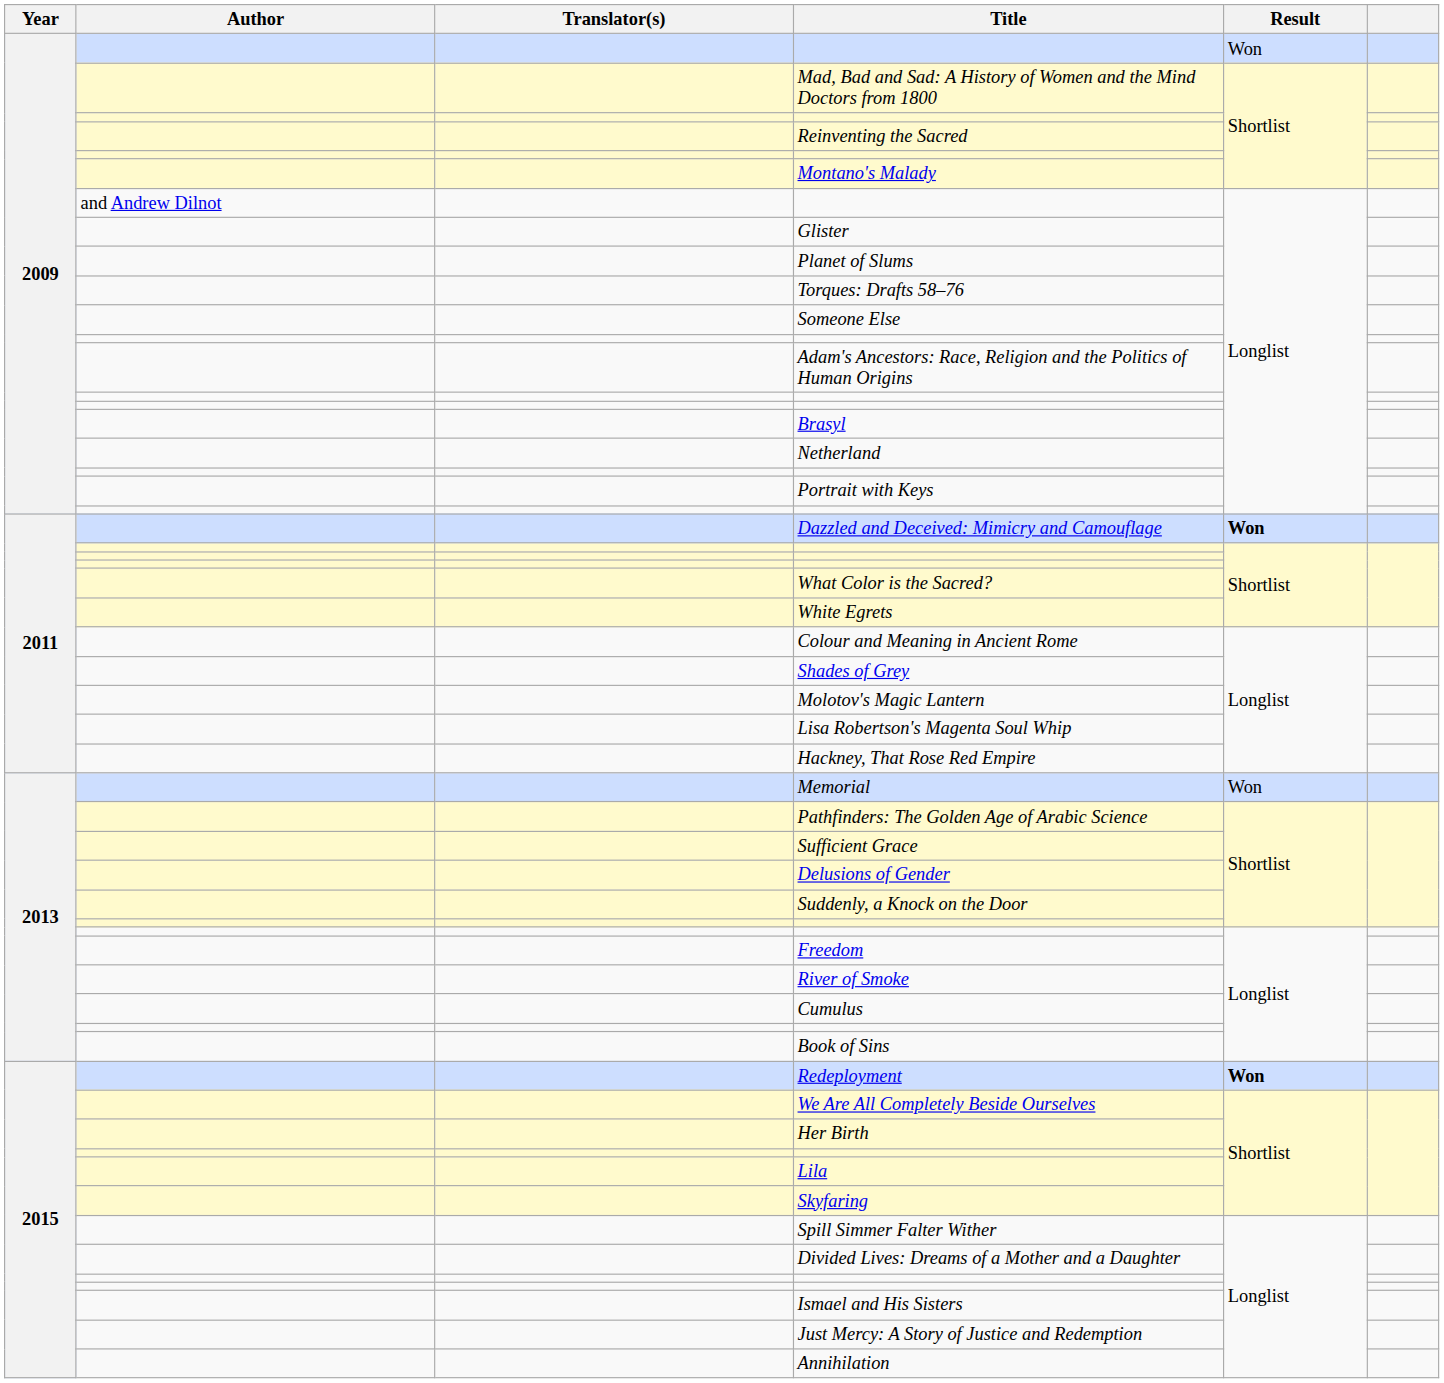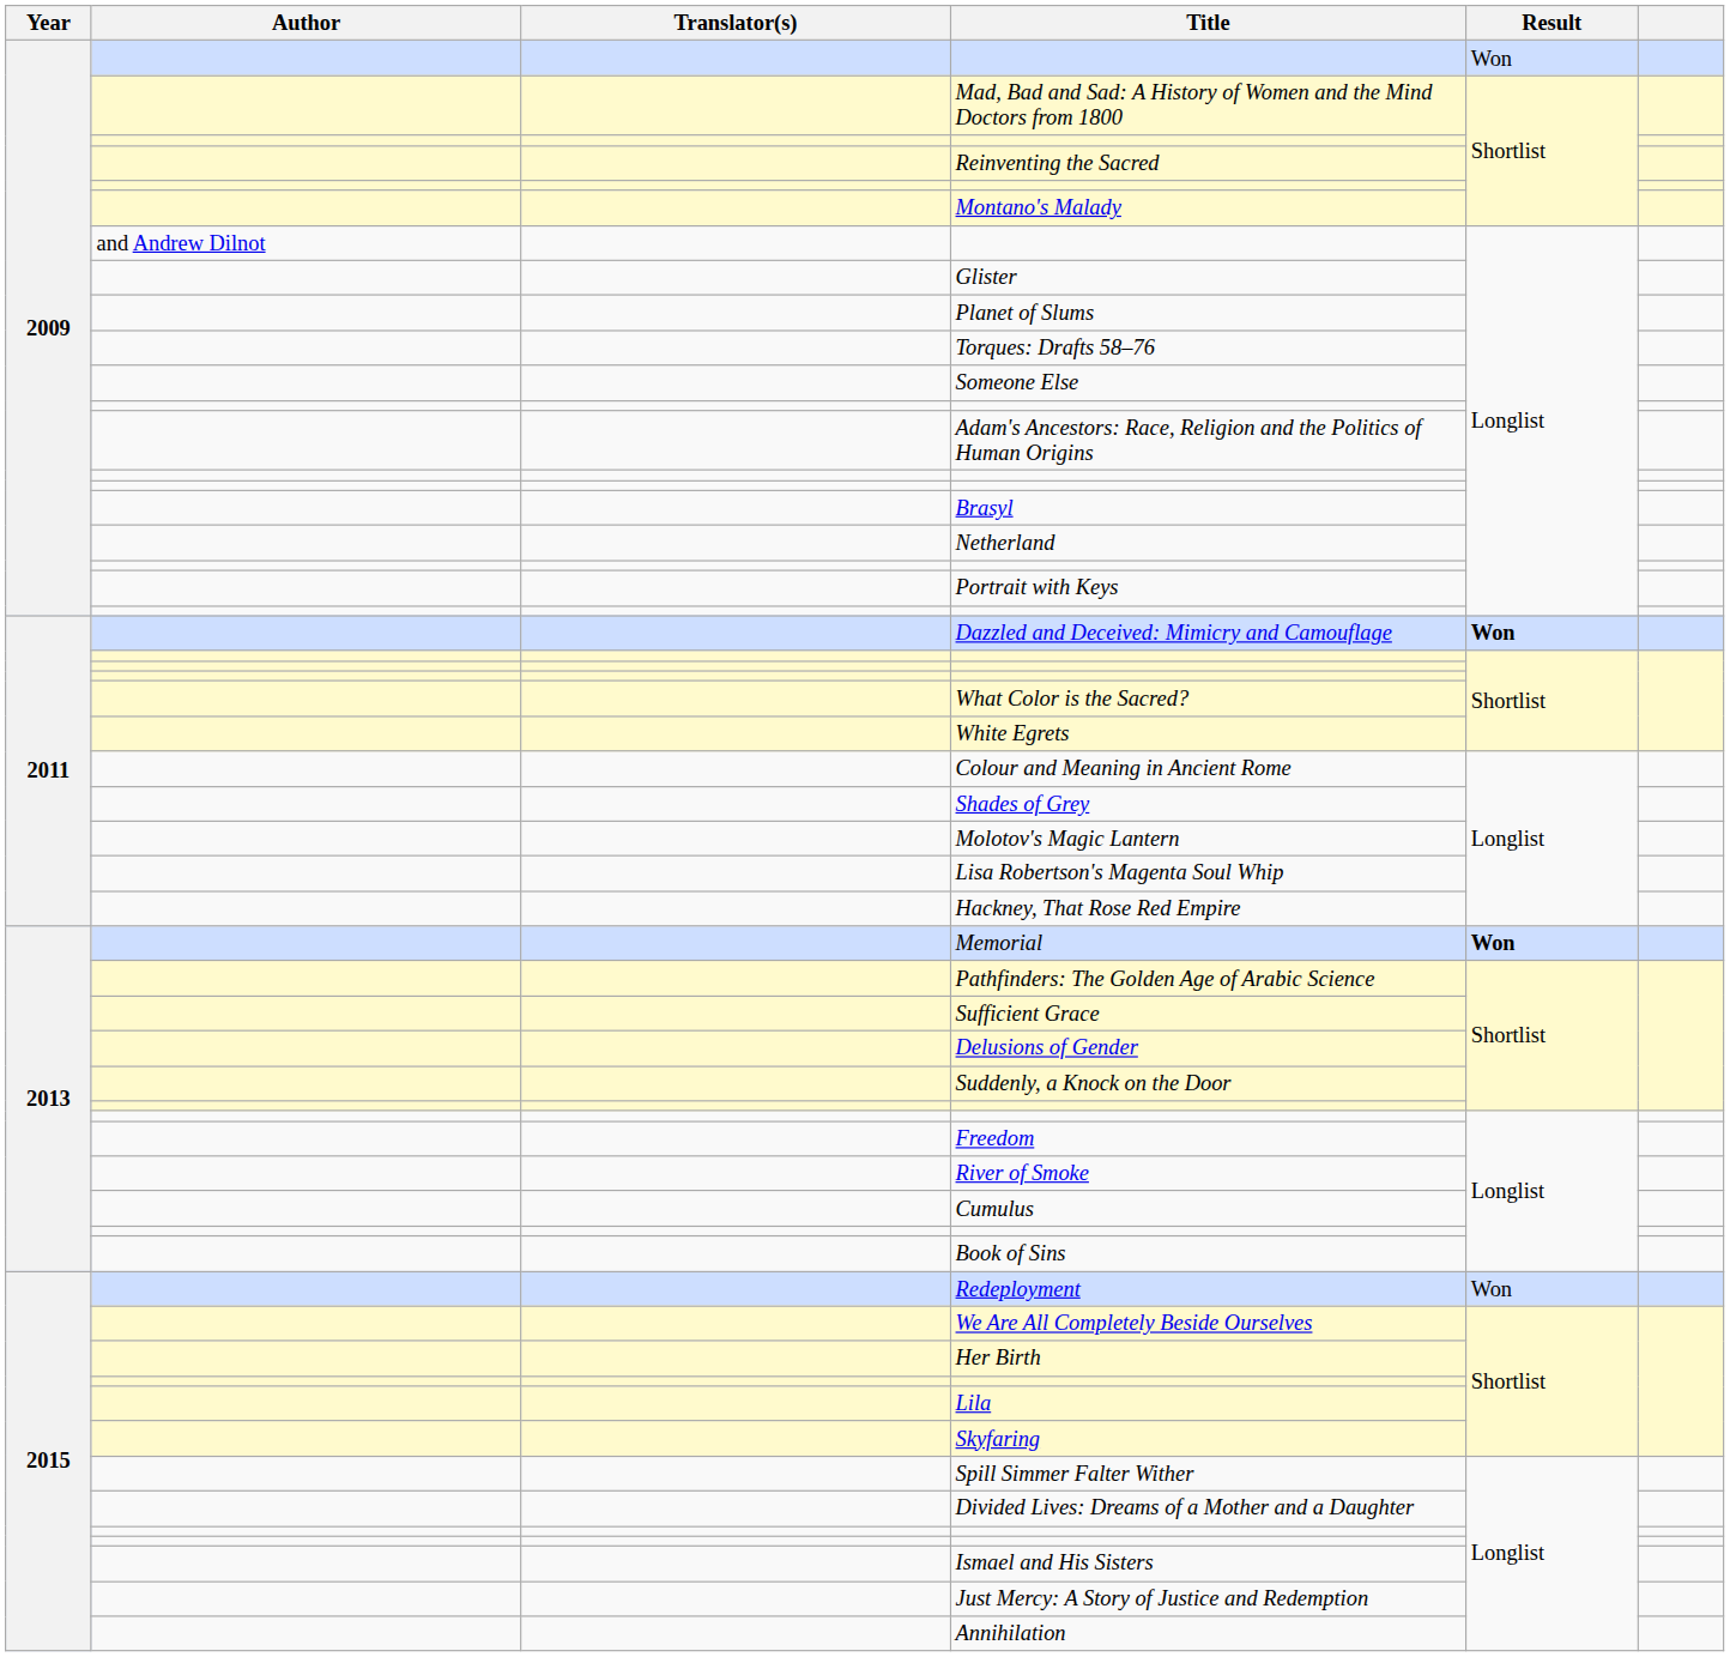 <table class="wikitable sortable" border="1">
 <tr>
 <th scope="col" style=width:5%>Year</th>
 <th scope="col" style=width:25%>Author</th>
 <th scope="col" style=width:25%>Translator(s)</th>
 <th scope="col" style=width:30%>Title</th>
 <th scope="col" style=width:10%>Result</th>
 <th scope="col" style=width:5%></th>
 </tr>
 <tr style="background:#cddeff">
 <th rowspan="20">2009</th>
 <td></td>
 <td></td>
 <td><em></em></td>
 <td>Won</td>
 <td></td>
 </tr>
 <tr style=background:LemonChiffon; color:black>
 <td></td>
 <td></td>
 <td><em>Mad, Bad and Sad: A History of Women and the Mind Doctors from 1800</em></td>
 <td rowspan="5">Shortlist</td>
 <td></td>
 </tr>
 <tr style=background:LemonChiffon; color:black>
 <td></td>
 <td></td>
 <td></td>
 <td></td>
 </tr>
 <tr style=background:LemonChiffon; color:black>
 <td></td>
 <td></td>
 <td><em>Reinventing the Sacred</em></td>
 <td></td>
 </tr>
 <tr style=background:LemonChiffon; color:black>
 <td></td>
 <td></td>
 <td><em></em></td>
 <td></td>
 </tr>
 <tr style=background:LemonChiffon; color:black>
 <td></td>
 <td></td>
 <td><em><a href='#'>Montano's Malady</a></em></td>
 <td></td>
 </tr>
 <tr>
 <td> and <a href='#'>Andrew Dilnot</a></td>
 <td></td>
 <td><em></em></td>
 <td rowspan="14">Longlist</td>
 <td></td>
 </tr>
 <tr>
 <td></td>
 <td></td>
 <td><em>Glister</em></td>
 <td></td>
 </tr>
 <tr>
 <td></td>
 <td></td>
 <td><em>Planet of Slums</em></td>
 <td></td>
 </tr>
 <tr>
 <td></td>
 <td></td>
 <td><em>Torques: Drafts 58–76</em></td>
 <td></td>
 </tr>
 <tr>
 <td></td>
 <td></td>
 <td><em>Someone Else</em></td>
 <td></td>
 </tr>
 <tr>
 <td></td>
 <td></td>
 <td><em></em></td>
 <td></td>
 </tr>
 <tr>
 <td></td>
 <td></td>
 <td><em>Adam's Ancestors: Race, Religion and the Politics of Human Origins</em></td>
 <td></td>
 </tr>
 <tr>
 <td></td>
 <td></td>
 <td><em></em></td>
 <td></td>
 </tr>
 <tr>
 <td></td>
 <td></td>
 <td><em></em></td>
 <td></td>
 </tr>
 <tr>
 <td></td>
 <td></td>
 <td><em><a href='#'>Brasyl</a></em></td>
 <td></td>
 </tr>
 <tr>
 <td></td>
 <td></td>
 <td><em>Netherland</em></td>
 <td></td>
 </tr>
 <tr>
 <td></td>
 <td></td>
 <td><em></em></td>
 <td></td>
 </tr>
 <tr>
 <td></td>
 <td></td>
 <td><em>Portrait with Keys</em></td>
 <td></td>
 </tr>
 <tr>
 <td></td>
 <td></td>
 <td><em></em></td>
 <td></td>
 </tr>
 <tr style="background:#cddeff">
 <th rowspan="11">2011</th>
 <td></td>
 <td></td>
 <td><em><a href='#'>Dazzled and Deceived: Mimicry and Camouflage</a></em></td>
 <td><strong>Won</strong></td>
 <td></td>
 </tr>
 <tr style=background:LemonChiffon; color:black>
 <td></td>
 <td></td>
 <td><em></em></td>
 <td rowspan="5">Shortlist</td>
 <td rowspan="5"></td>
 </tr>
 <tr style=background:LemonChiffon; color:black>
 <td></td>
 <td></td>
 <td><em></em></td>
 </tr>
 <tr style=background:LemonChiffon; color:black>
 <td></td>
 <td></td>
 <td><em></em></td>
 </tr>
 <tr style=background:LemonChiffon; color:black>
 <td></td>
 <td></td>
 <td><em>What Color is the Sacred?</em></td>
 </tr>
 <tr style=background:LemonChiffon; color:black>
 <td></td>
 <td></td>
 <td><em>White Egrets</em></td>
 </tr>
 <tr>
 <td></td>
 <td></td>
 <td><em>Colour and Meaning in Ancient Rome</em></td>
 <td rowspan="5">Longlist</td>
 <td></td>
 </tr>
 <tr>
 <td></td>
 <td></td>
 <td><em><a href='#'>Shades of Grey</a></em></td>
 <td></td>
 </tr>
 <tr>
 <td></td>
 <td></td>
 <td><em>Molotov's Magic Lantern</em></td>
 <td></td>
 </tr>
 <tr>
 <td></td>
 <td></td>
 <td><em>Lisa Robertson's Magenta Soul Whip</em></td>
 <td></td>
 </tr>
 <tr>
 <td></td>
 <td></td>
 <td><em>Hackney, That Rose Red Empire</em></td>
 <td></td>
 </tr>
 <tr style="background:#cddeff">
 <th rowspan="12">2013</th>
 <td></td>
 <td></td>
 <td><em>Memorial</em></td>
-<td>Won</td>
+<td><strong>Won</strong></td>
 <td></td>
 </tr>
 <tr style=background:LemonChiffon; color:black>
 <td></td>
 <td></td>
 <td><em>Pathfinders: The Golden Age of Arabic Science</em></td>
 <td rowspan="5">Shortlist</td>
 <td rowspan="5"></td>
 </tr>
 <tr style=background:LemonChiffon; color:black>
 <td></td>
 <td></td>
 <td><em>Sufficient Grace</em></td>
 </tr>
 <tr style=background:LemonChiffon; color:black>
 <td></td>
 <td></td>
 <td><em><a href='#'>Delusions of Gender</a></em></td>
 </tr>
 <tr style=background:LemonChiffon; color:black>
 <td></td>
 <td></td>
 <td><em>Suddenly, a Knock on the Door</em></td>
 </tr>
 <tr style=background:LemonChiffon; color:black>
 <td></td>
 <td></td>
 <td><em></em></td>
 </tr>
 <tr>
 <td></td>
 <td></td>
 <td><em></em></td>
 <td rowspan="6">Longlist</td>
 <td></td>
 </tr>
 <tr>
 <td></td>
 <td></td>
 <td><em><a href='#'>Freedom</a></em></td>
 <td></td>
 </tr>
 <tr>
 <td></td>
 <td></td>
 <td><em><a href='#'>River of Smoke</a></em></td>
 <td></td>
 </tr>
 <tr>
 <td></td>
 <td></td>
 <td><em>Cumulus</em></td>
 <td></td>
 </tr>
 <tr>
 <td></td>
 <td></td>
 <td><em></em></td>
 <td></td>
 </tr>
 <tr>
 <td></td>
 <td></td>
 <td><em>Book of Sins</em></td>
 <td></td>
 </tr>
 <tr style="background:#cddeff">
 <th rowspan="13">2015</th>
 <td></td>
 <td></td>
 <td><em><a href='#'>Redeployment</a></em></td>
-<td><strong>Won</strong></td>
+<td>Won</td>
 <td></td>
 </tr>
 <tr style=background:LemonChiffon; color:black>
 <td></td>
 <td></td>
 <td><em><a href='#'>We Are All Completely Beside Ourselves</a></em></td>
 <td rowspan="5">Shortlist</td>
 <td rowspan="5"></td>
 </tr>
 <tr style=background:LemonChiffon; color:black>
 <td></td>
 <td></td>
 <td><em>Her Birth</em></td>
 </tr>
 <tr style=background:LemonChiffon; color:black>
 <td></td>
 <td></td>
 <td><em></em></td>
 </tr>
 <tr style=background:LemonChiffon; color:black>
 <td></td>
 <td></td>
 <td><em><a href='#'>Lila</a></em></td>
 </tr>
 <tr style=background:LemonChiffon; color:black>
 <td></td>
 <td></td>
 <td><em><a href='#'>Skyfaring</a></em></td>
 </tr>
 <tr>
 <td></td>
 <td></td>
 <td><em>Spill Simmer Falter Wither</em></td>
 <td rowspan="7">Longlist</td>
 <td></td>
 </tr>
 <tr>
 <td></td>
 <td></td>
 <td><em>Divided Lives: Dreams of a Mother and a Daughter</em></td>
 <td></td>
 </tr>
 <tr>
 <td></td>
 <td></td>
 <td><em></em></td>
 <td></td>
 </tr>
 <tr>
 <td></td>
 <td></td>
 <td><em></em></td>
 <td></td>
 </tr>
 <tr>
 <td></td>
 <td></td>
 <td><em>Ismael and His Sisters</em></td>
 <td></td>
 </tr>
 <tr>
 <td></td>
 <td></td>
 <td><em>Just Mercy: A Story of Justice and Redemption</em></td>
 <td></td>
 </tr>
 <tr>
 <td></td>
 <td></td>
 <td><em>Annihilation</em></td>
 <td></td>
 </tr>
 </table>
